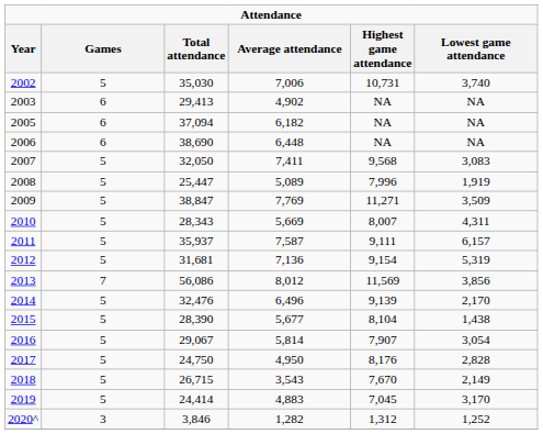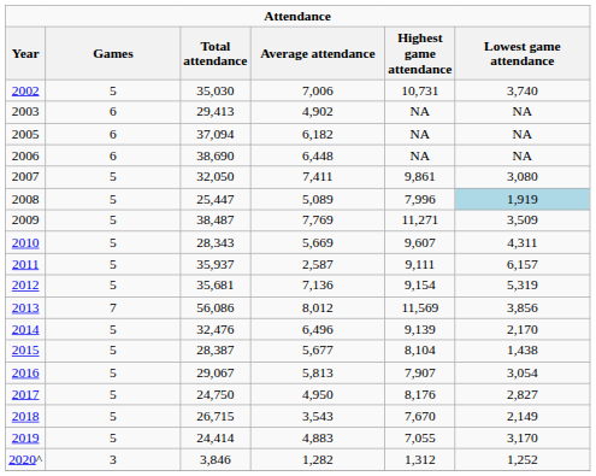 <table class="wikitable sortable" style="text-align:center">
 <tr>
 <td colspan="6"><strong>Attendance</strong></td>
 </tr>
 <tr>
 <th style="width:40px; ">Year</th>
 <th style="width:150px; ">Games</th>
 <th style="width:40px; ">Total attendance</th>
 <th style="width:150px; ">Average attendance</th>
 <th style="width:40px; ">Highest game attendance</th>
 <th style="width:150px; ">Lowest game attendance</th>
 </tr>
 <tr>
 <td><a href='#'>2002</a></td>
 <td>5</td>
 <td>35,030</td>
 <td>7,006</td>
 <td>10,731</td>
 <td>3,740</td>
 </tr>
 <tr>
 <td>2003</td>
 <td>6</td>
 <td>29,413</td>
 <td>4,902</td>
 <td>NA</td>
 <td>NA</td>
 </tr>
 <tr>
 <td>2005</td>
 <td>6</td>
 <td>37,094</td>
 <td>6,182</td>
 <td>NA</td>
 <td>NA</td>
 </tr>
 <tr>
 <td>2006</td>
 <td>6</td>
 <td>38,690</td>
 <td>6,448</td>
 <td>NA</td>
 <td>NA</td>
 </tr>
 <tr>
 <td>2007</td>
 <td>5</td>
 <td>32,050</td>
 <td>7,411</td>
-<td>9,568</td>
-<td>3,083</td>
+<td>9,861</td>
+<td>3,080</td>
 </tr>
 <tr>
 <td>2008</td>
 <td>5</td>
 <td>25,447</td>
 <td>5,089</td>
 <td>7,996</td>
-<td>1,919</td>
+<td style="background: lightblue;">1,919</td>
 </tr>
 <tr>
 <td>2009</td>
 <td>5</td>
-<td>38,847</td>
+<td>38,487</td>
 <td>7,769</td>
 <td>11,271</td>
 <td>3,509</td>
 </tr>
 <tr>
 <td><a href='#'>2010</a></td>
 <td>5</td>
 <td>28,343</td>
 <td>5,669</td>
-<td>8,007</td>
+<td>9,607</td>
 <td>4,311</td>
 </tr>
 <tr>
 <td><a href='#'>2011</a></td>
 <td>5</td>
 <td>35,937</td>
-<td>7,587</td>
+<td>2,587</td>
 <td>9,111</td>
 <td>6,157</td>
 </tr>
 <tr>
 <td><a href='#'>2012</a></td>
 <td>5</td>
-<td>31,681</td>
+<td>35,681</td>
 <td>7,136</td>
 <td>9,154</td>
 <td>5,319</td>
 </tr>
 <tr>
 <td><a href='#'>2013</a></td>
 <td>7</td>
 <td>56,086</td>
 <td>8,012</td>
 <td>11,569</td>
 <td>3,856</td>
 </tr>
 <tr>
 <td><a href='#'>2014</a></td>
 <td>5</td>
 <td>32,476</td>
 <td>6,496</td>
 <td>9,139</td>
 <td>2,170</td>
 </tr>
 <tr>
 <td><a href='#'>2015</a></td>
 <td>5</td>
-<td>28,390</td>
+<td>28,387</td>
 <td>5,677</td>
 <td>8,104</td>
 <td>1,438</td>
 </tr>
 <tr>
 <td><a href='#'>2016</a></td>
 <td>5</td>
 <td>29,067</td>
-<td>5,814</td>
+<td>5,813</td>
 <td>7,907</td>
 <td>3,054</td>
 </tr>
 <tr>
 <td><a href='#'>2017</a></td>
 <td>5</td>
 <td>24,750</td>
 <td>4,950</td>
 <td>8,176</td>
-<td>2,828</td>
+<td>2,827</td>
 </tr>
 <tr>
 <td><a href='#'>2018</a></td>
 <td>5</td>
 <td>26,715</td>
 <td>3,543</td>
 <td>7,670</td>
 <td>2,149</td>
 </tr>
 <tr>
 <td><a href='#'>2019</a></td>
 <td>5</td>
 <td>24,414</td>
 <td>4,883</td>
-<td>7,045</td>
+<td>7,055</td>
 <td>3,170</td>
 </tr>
 <tr>
 <td><a href='#'>2020</a>^</td>
 <td>3</td>
 <td>3,846</td>
 <td>1,282</td>
 <td>1,312</td>
 <td>1,252</td>
 </tr>
 <tr>
 </tr>
 </table>
